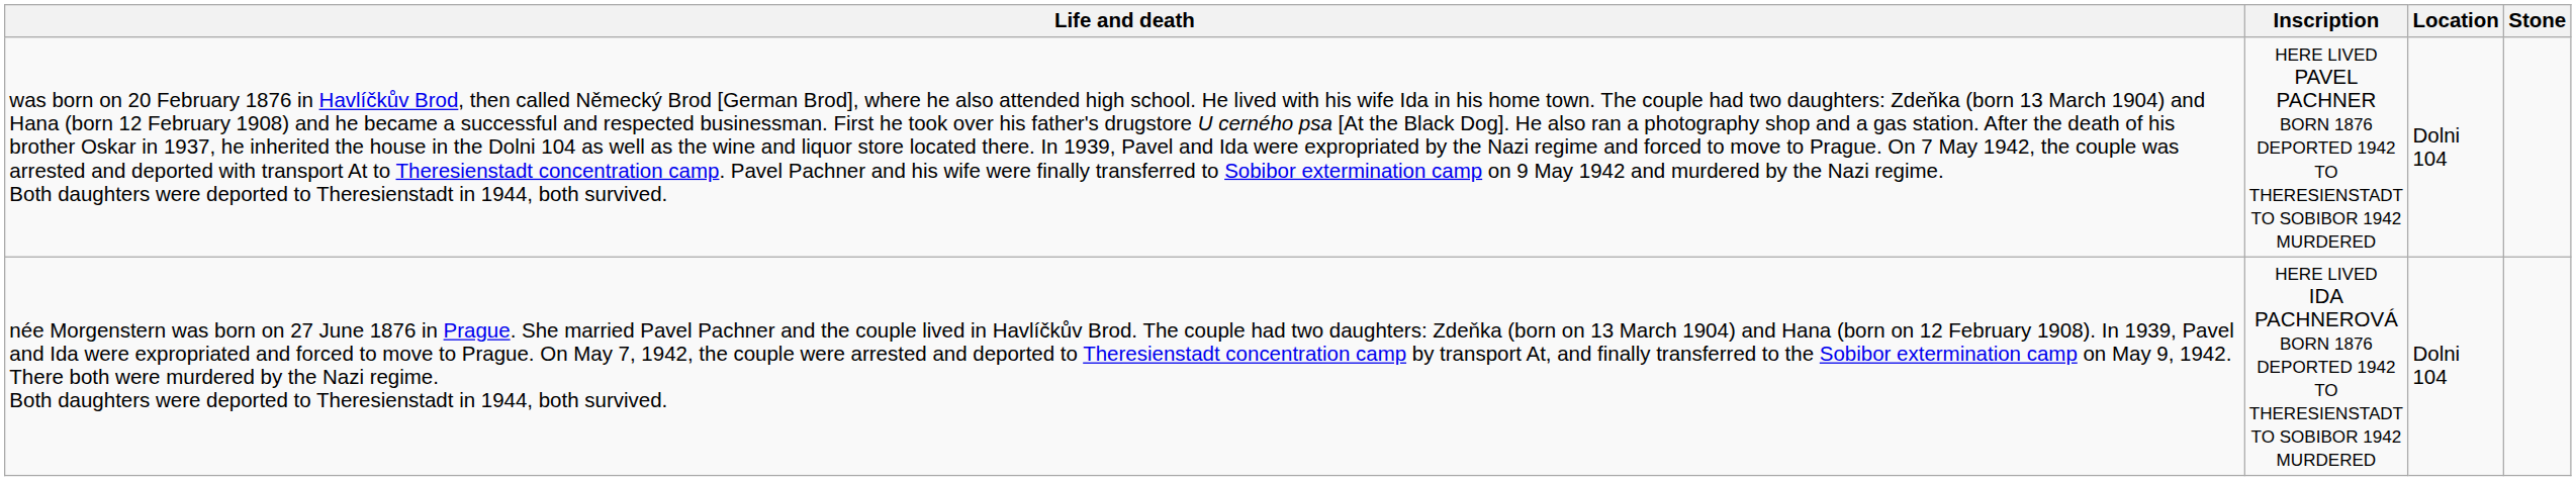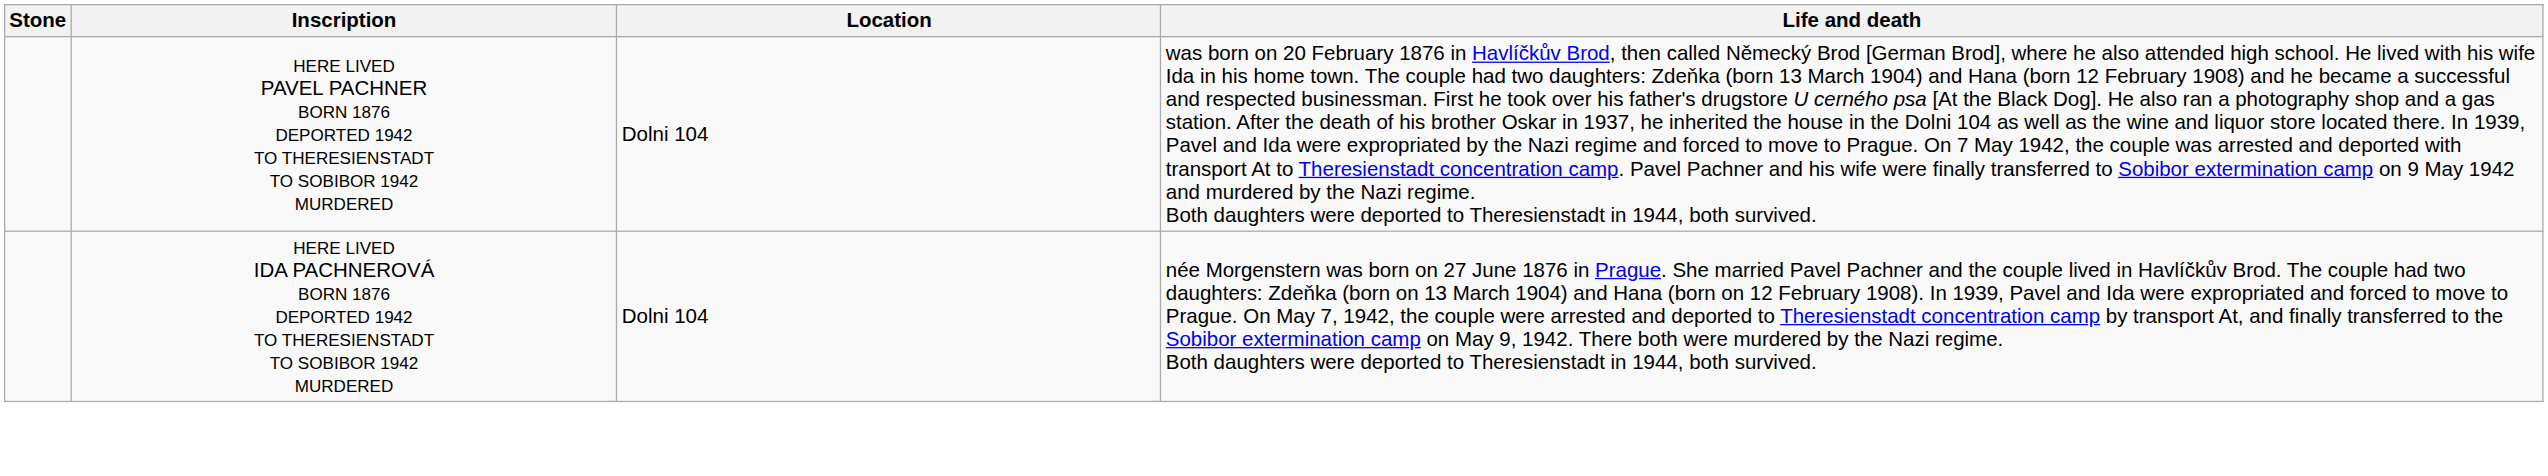 <table class="wikitable sortable toptextcells" style="width:100%">
 <tr>
-<th class="hintergrundfarbe6" style="width:100%;">Life and death</th>
+<th class="hintergrundfarbe6 unsortable" width="120px">Stone</th>
 <th class="hintergrundfarbe6 unsortable" style ="width:22%;">Inscription</th>
 <th class="hintergrundfarbe6" data-sort-type="text" style ="width:22%;">Location</th>
-<th class="hintergrundfarbe6 unsortable" width="120px">Stone</th>
+<th class="hintergrundfarbe6" style="width:100%;">Life and death</th>
 </tr>
 <tr>
-<td><strong></strong> was born on 20 February 1876 in <a href='#'>Havlíčkův Brod</a>, then called Německý Brod [German Brod], where he also attended high school. He lived with his wife Ida in his home town. The couple had two daughters: Zdeňka (born 13 March 1904) and Hana (born 12 February 1908) and he became a successful and respected businessman. First he took over his father's drugstore <em>U cerného psa</em> [At the Black Dog]. He also ran a photography shop and a gas station. After the death of his brother Oskar in 1937, he inherited the house in the Dolni 104 as well as the wine and liquor store located there. In 1939, Pavel and Ida were expropriated by the Nazi regime and forced to move to Prague. On 7 May 1942, the couple was arrested and deported with transport At to <a href='#'>Theresienstadt concentration camp</a>. Pavel Pachner and his wife were finally transferred to <a href='#'>Sobibor extermination camp</a> on 9 May 1942 and murdered by the Nazi regime.<br>Both daughters were deported to Theresienstadt in 1944, both survived.</td>
+<td></td>
 <td style="text-align:center"><div><small>HERE LIVED</small><br>PAVEL PACHNER<br><small>BORN 1876<br>DEPORTED 1942<br>TO THERESIENSTADT<br>TO SOBIBOR 1942<br>MURDERED</small></div></td>
 <td>Dolni 104<br></td>
-<td></td>
+<td><strong></strong> was born on 20 February 1876 in <a href='#'>Havlíčkův Brod</a>, then called Německý Brod [German Brod], where he also attended high school. He lived with his wife Ida in his home town. The couple had two daughters: Zdeňka (born 13 March 1904) and Hana (born 12 February 1908) and he became a successful and respected businessman. First he took over his father's drugstore <em>U cerného psa</em> [At the Black Dog]. He also ran a photography shop and a gas station. After the death of his brother Oskar in 1937, he inherited the house in the Dolni 104 as well as the wine and liquor store located there. In 1939, Pavel and Ida were expropriated by the Nazi regime and forced to move to Prague. On 7 May 1942, the couple was arrested and deported with transport At to <a href='#'>Theresienstadt concentration camp</a>. Pavel Pachner and his wife were finally transferred to <a href='#'>Sobibor extermination camp</a> on 9 May 1942 and murdered by the Nazi regime.<br>Both daughters were deported to Theresienstadt in 1944, both survived.</td>
 </tr>
 <tr>
-<td><strong></strong> née Morgenstern was born on 27 June 1876 in <a href='#'>Prague</a>. She married Pavel Pachner and the couple lived in Havlíčkův Brod. The couple had two daughters: Zdeňka (born on 13 March 1904) and Hana (born on 12 February 1908). In 1939, Pavel and Ida were expropriated and forced to move to Prague. On May 7, 1942, the couple were arrested and deported to <a href='#'>Theresienstadt concentration camp</a> by transport At, and finally transferred to the <a href='#'>Sobibor extermination camp</a> on May 9, 1942. There both were murdered by the Nazi regime.<br>Both daughters were deported to Theresienstadt in 1944, both survived.</td>
+<td></td>
 <td style="text-align:center"><div><small>HERE LIVED</small><br>IDA PACHNEROVÁ<br><small>BORN 1876<br>DEPORTED 1942<br>TO THERESIENSTADT<br>TO SOBIBOR 1942<br>MURDERED</small></div></td>
 <td>Dolni 104<br></td>
-<td></td>
+<td><strong></strong> née Morgenstern was born on 27 June 1876 in <a href='#'>Prague</a>. She married Pavel Pachner and the couple lived in Havlíčkův Brod. The couple had two daughters: Zdeňka (born on 13 March 1904) and Hana (born on 12 February 1908). In 1939, Pavel and Ida were expropriated and forced to move to Prague. On May 7, 1942, the couple were arrested and deported to <a href='#'>Theresienstadt concentration camp</a> by transport At, and finally transferred to the <a href='#'>Sobibor extermination camp</a> on May 9, 1942. There both were murdered by the Nazi regime.<br>Both daughters were deported to Theresienstadt in 1944, both survived.</td>
 </tr>
 </table>
